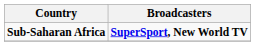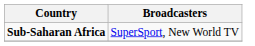 <table class="wikitable" border="2">
 <tr>
 <th>Country</th>
 <th>Broadcasters</th>
 </tr>
 <tr>
 <td><strong>Sub-Saharan Africa</strong></td>
-<td><strong><a href='#'>SuperSport</a>, New World TV</strong></td>
+<td><a href='#'>SuperSport</a>, New World TV</td>
 </tr>
 <tr>
 </tr>
 </table>
